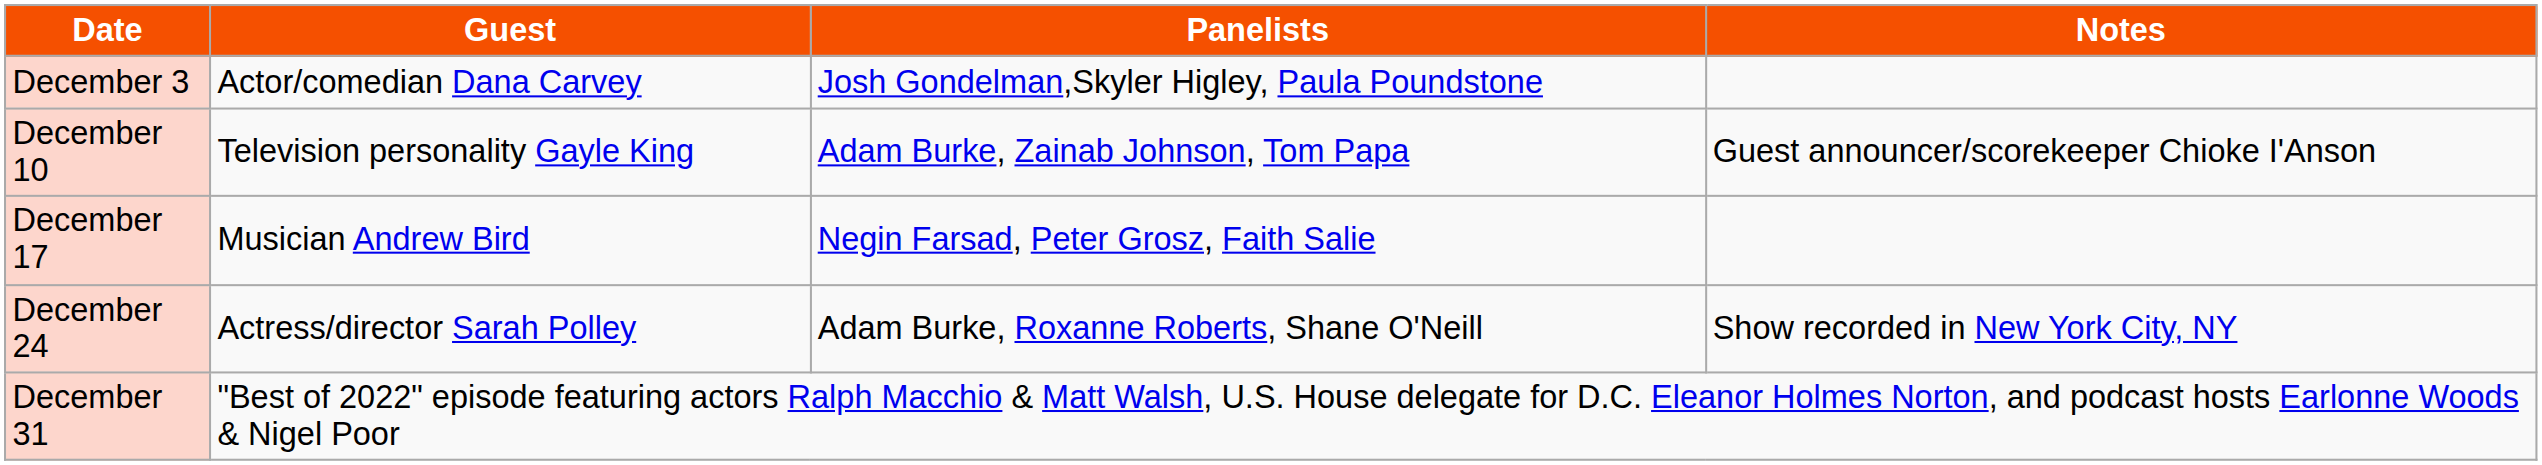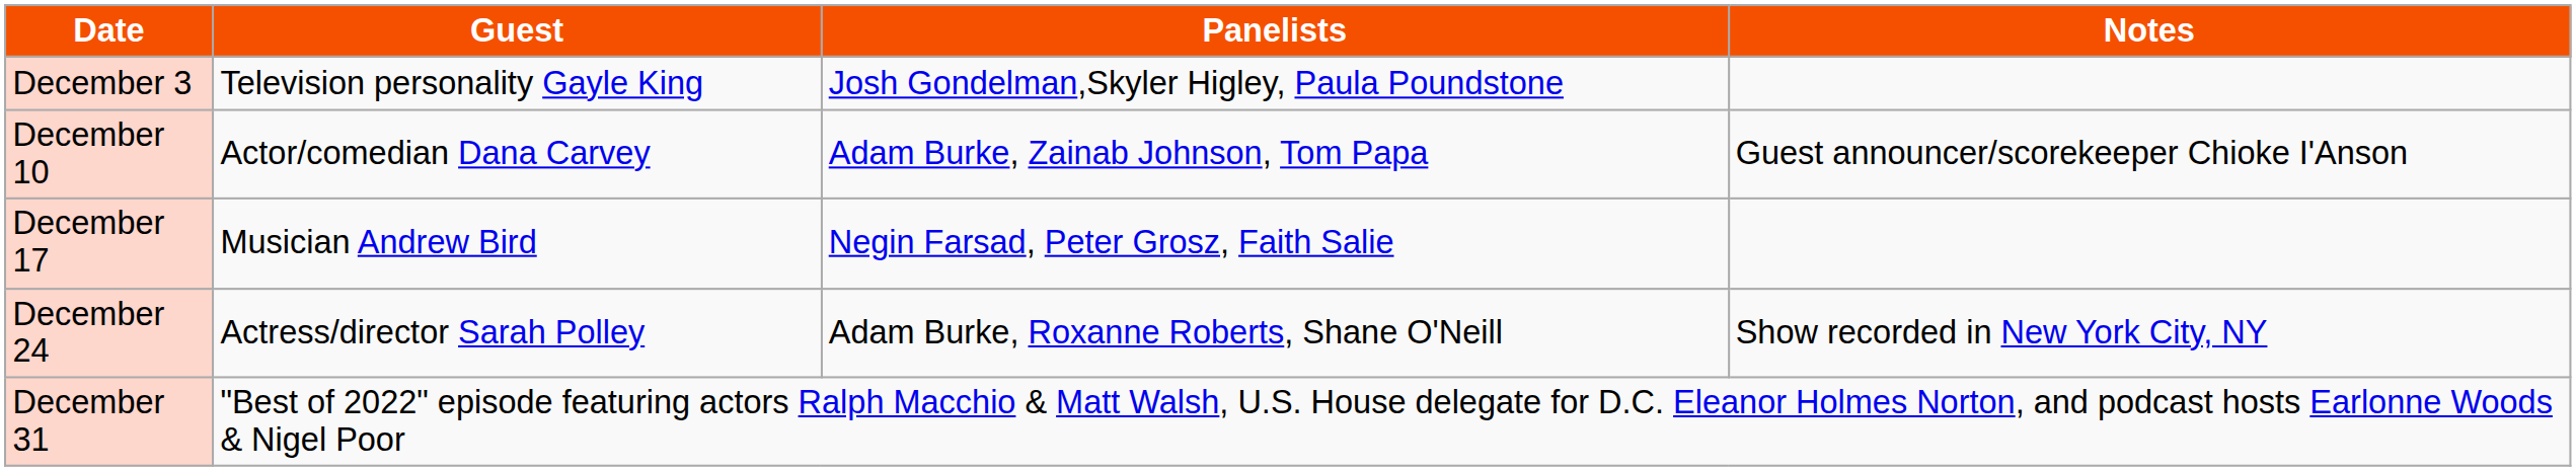 <table class="wikitable">
 <tr>
 <th style="background:#f55000;color:#FFFFFF;">Date</th>
 <th style="background:#f55000;color:#FFFFFF;">Guest</th>
 <th style="background:#f55000;color:#FFFFFF;">Panelists</th>
 <th style="background:#f55000;color:#FFFFFF;">Notes</th>
 </tr>
 <tr>
 <td style="background:#FDD6CC;color:#000000;">December 3</td>
-<td>Actor/comedian <a href='#'>Dana Carvey</a></td>
+<td>Television personality <a href='#'>Gayle King</a></td>
 <td><a href='#'>Josh Gondelman</a>,Skyler Higley, <a href='#'>Paula Poundstone</a></td>
 <td></td>
 </tr>
 <tr>
 <td style="background:#FDD6CC;color:#000000;">December 10</td>
-<td>Television personality <a href='#'>Gayle King</a></td>
+<td>Actor/comedian <a href='#'>Dana Carvey</a></td>
 <td><a href='#'>Adam Burke</a>, <a href='#'>Zainab Johnson</a>, <a href='#'>Tom Papa</a></td>
 <td>Guest announcer/scorekeeper Chioke I'Anson</td>
 </tr>
 <tr>
 <td style="background:#FDD6CC;color:#000000;">December 17</td>
 <td>Musician <a href='#'>Andrew Bird</a></td>
 <td><a href='#'>Negin Farsad</a>, <a href='#'>Peter Grosz</a>, <a href='#'>Faith Salie</a></td>
 <td></td>
 </tr>
 <tr>
 <td style="background:#FDD6CC;color:#000000;">December 24</td>
 <td>Actress/director <a href='#'>Sarah Polley</a></td>
 <td>Adam Burke, <a href='#'>Roxanne Roberts</a>, Shane O'Neill</td>
 <td>Show recorded in <a href='#'>New York City, NY</a> </td>
 </tr>
 <tr>
 <td style="background:#FDD6CC;color:#000000;">December 31</td>
 <td colspan=3>"Best of 2022" episode featuring actors <a href='#'>Ralph Macchio</a> & <a href='#'>Matt Walsh</a>, U.S. House delegate for D.C. <a href='#'>Eleanor Holmes Norton</a>, and podcast hosts <a href='#'>Earlonne Woods</a> & Nigel Poor</td>
 </tr>
 </table>
